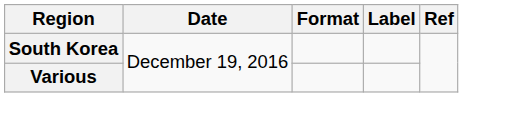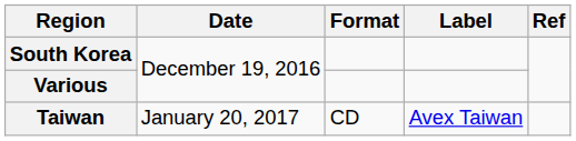 <table class="wikitable plainrowheaders">
 <tr>
 <th>Region</th>
 <th>Date</th>
 <th>Format</th>
 <th>Label</th>
 <th>Ref</th>
 </tr>
 <tr>
 <th scope="row">South Korea</th>
 <td rowspan="2">December 19, 2016</td>
 <td></td>
 <td></td>
 </tr>
 <tr>
 <th scope="row">Various </th>
 <td></td>
 <td></td>
 </tr>
+<tr>
+<th scope="row">Taiwan</th>
+<td>January 20, 2017</td>
+<td>CD</td>
+<td><a href='#'>Avex Taiwan</a></td>
+<td></td>
+</tr>
 </table>
